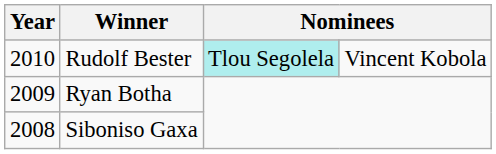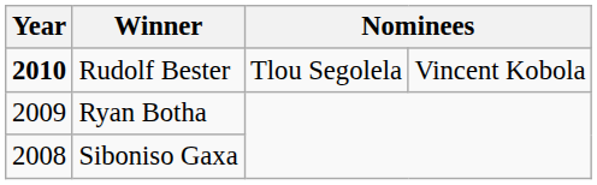 <table class="wikitable">
 <tr>
 <th>Year</th>
 <th>Winner</th>
 <th colspan="2">Nominees</th>
 </tr>
 <tr>
-<td>2010</td>
+<td><strong>2010</strong></td>
 <td>Rudolf Bester</td>
-<td style="background: paleturquoise;">Tlou Segolela</td>
+<td>Tlou Segolela</td>
 <td>Vincent Kobola</td>
 </tr>
 <tr>
 <td>2009</td>
 <td>Ryan Botha</td>
 </tr>
 <tr>
 <td>2008</td>
 <td>Siboniso Gaxa</td>
 </tr>
 </table>
